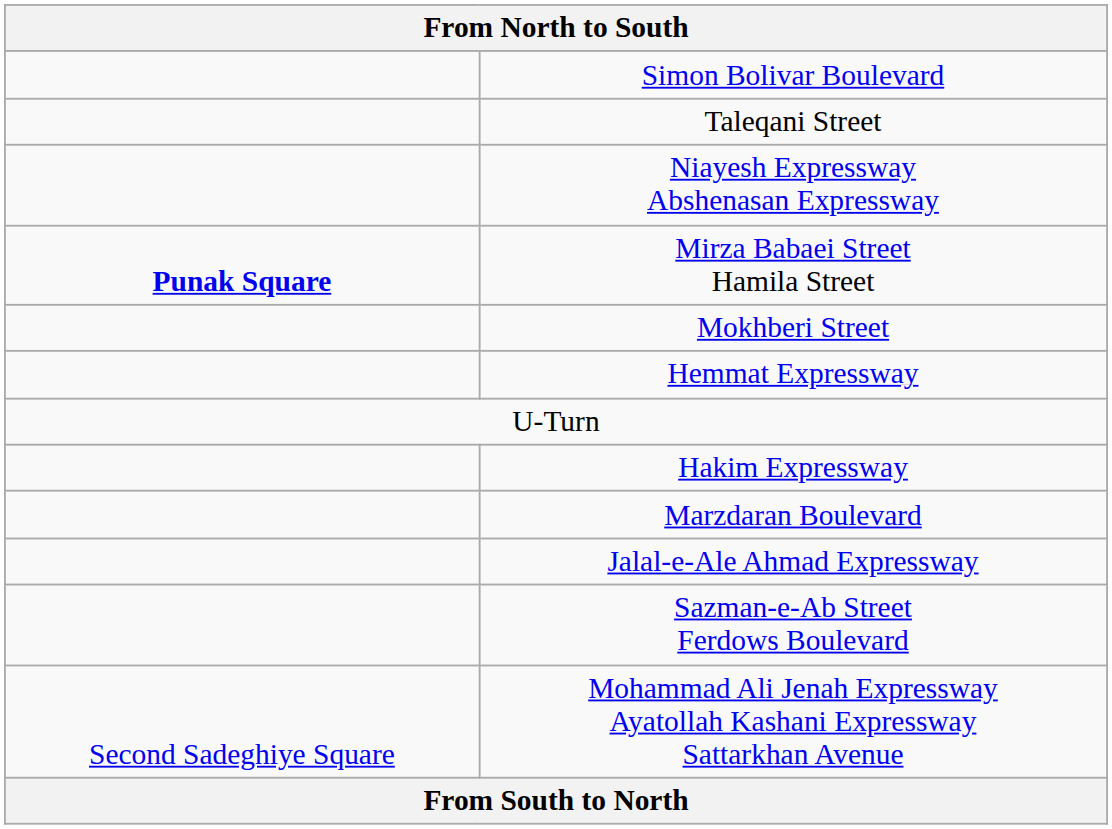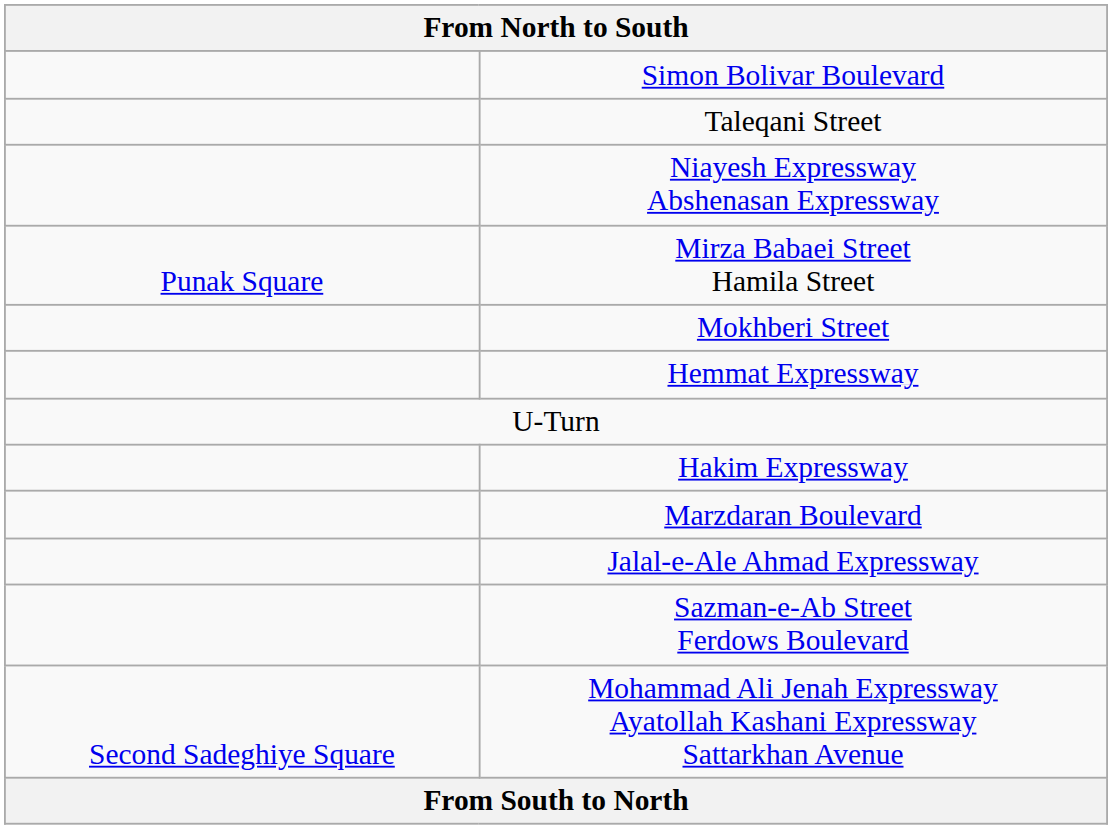 <table class="wikitable" style="text-align:center" width="600px">
 <tr>
 <th text-align="center" colspan="3"> From North to South </th>
 </tr>
 <tr>
 <td><br></td>
 <td> <a href='#'>Simon Bolivar Boulevard</a></td>
 </tr>
 <tr>
 <td></td>
 <td> Taleqani Street</td>
 </tr>
 <tr>
 <td></td>
 <td> <a href='#'>Niayesh Expressway</a><br> <a href='#'>Abshenasan Expressway</a></td>
 </tr>
 <tr>
-<td><strong><br><a href='#'>Punak Square</a></strong></td>
+<td><br><a href='#'>Punak Square</a></td>
 <td> <a href='#'>Mirza Babaei Street</a><br> Hamila Street</td>
 </tr>
 <tr>
 <td></td>
 <td> <a href='#'>Mokhberi Street</a></td>
 </tr>
 <tr>
 <td></td>
 <td> <a href='#'>Hemmat Expressway</a></td>
 </tr>
 <tr>
 <td text-align="center" colspan="3"> U-Turn</td>
 </tr>
 <tr>
 <td></td>
 <td> <a href='#'>Hakim Expressway</a></td>
 </tr>
 <tr>
 <td></td>
 <td> <a href='#'>Marzdaran Boulevard</a></td>
 </tr>
 <tr>
 <td></td>
 <td> <a href='#'>Jalal-e-Ale Ahmad Expressway</a></td>
 </tr>
 <tr>
 <td></td>
 <td> <a href='#'>Sazman-e-Ab Street</a><br> <a href='#'>Ferdows Boulevard</a></td>
 </tr>
 <tr>
 <td><br><br><a href='#'>Second Sadeghiye Square</a></td>
 <td> <a href='#'>Mohammad Ali Jenah Expressway</a><br> <a href='#'>Ayatollah Kashani Expressway</a><br> <a href='#'>Sattarkhan Avenue</a></td>
 </tr>
 <tr>
 <th text-align="center" colspan="3"> From South to North </th>
 </tr>
 </table>
